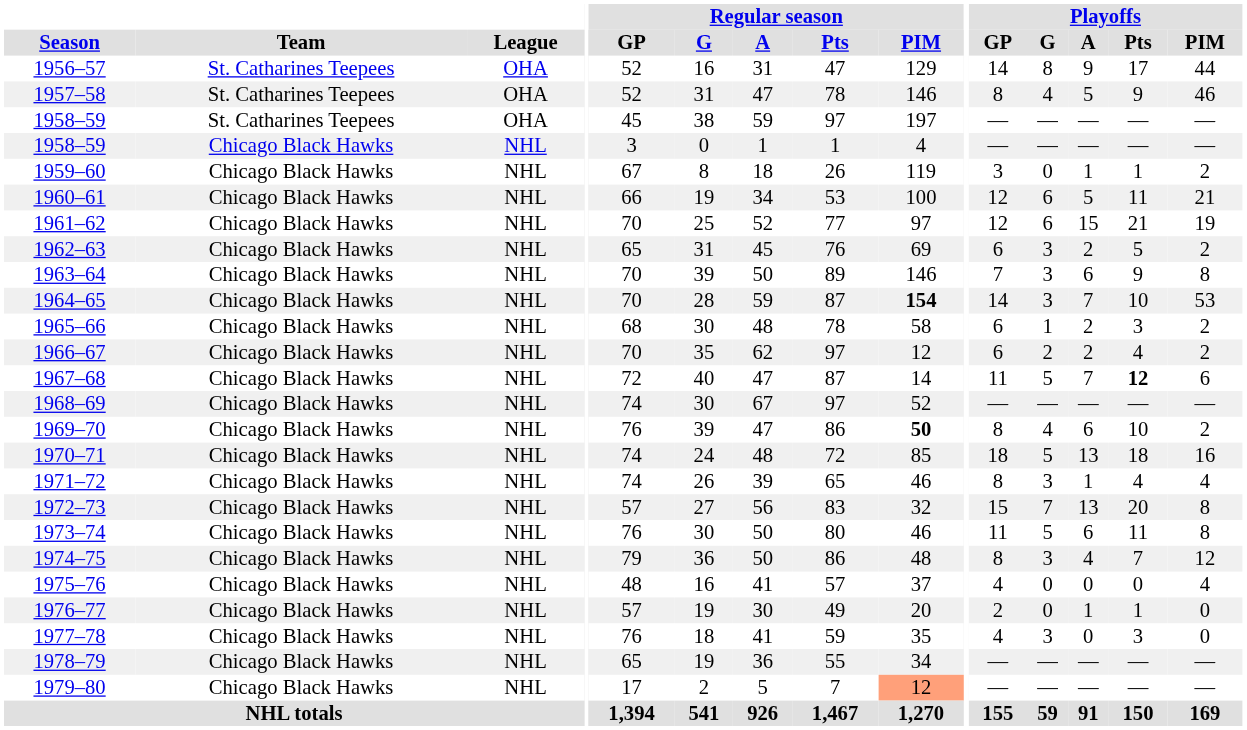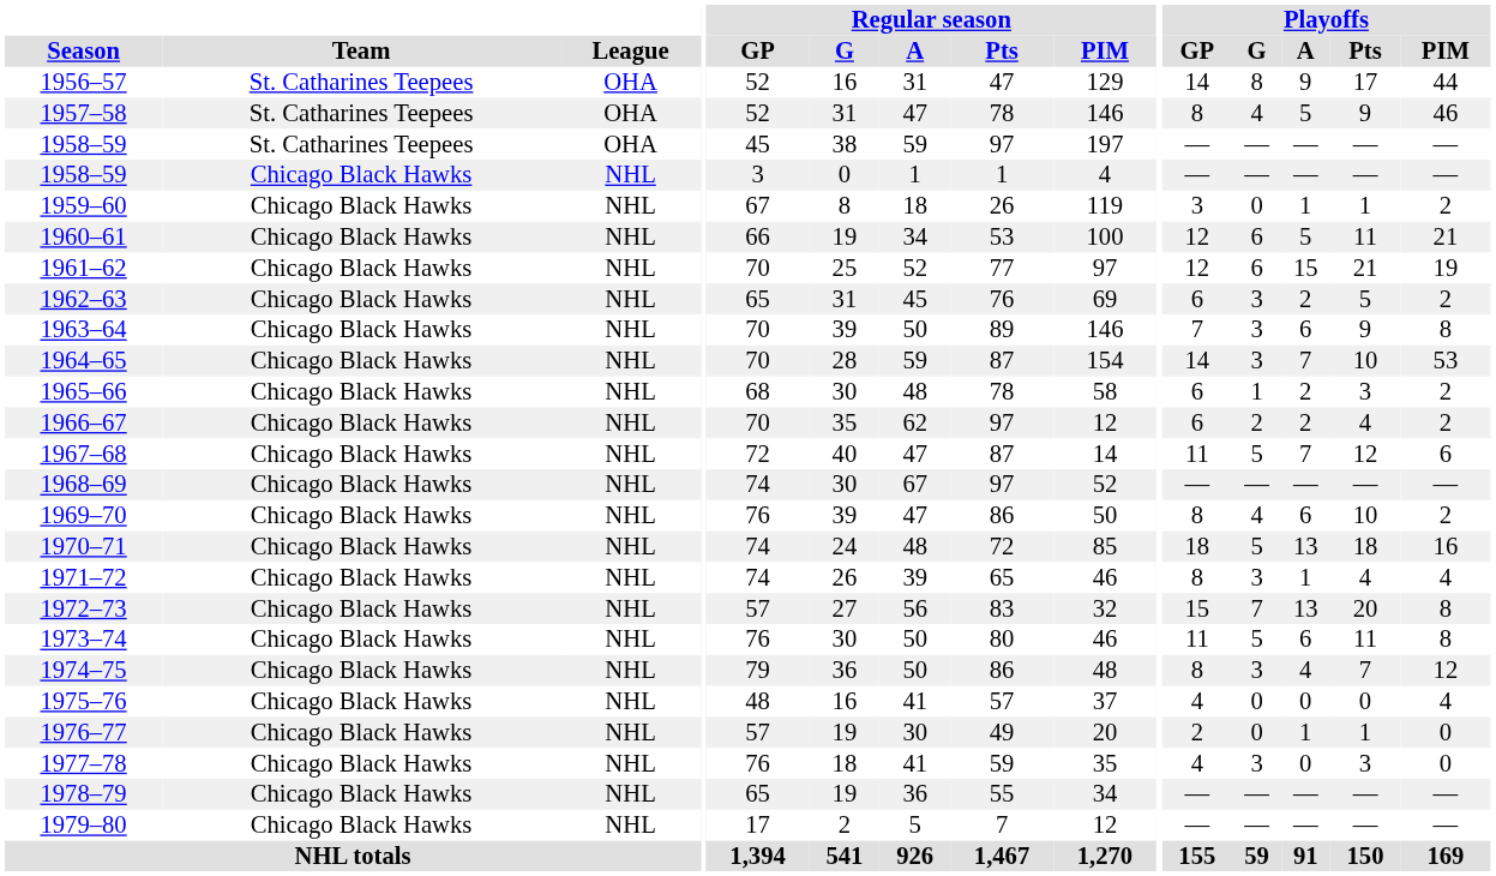 <table border="0" cellpadding="1" cellspacing="0" style="text-align:center; width:60em">
 <tr bgcolor="#e0e0e0">
 <th colspan="3" bgcolor="#ffffff"></th>
 <th rowspan="100" bgcolor="#ffffff"></th>
 <th colspan="5"><a href='#'>Regular season</a></th>
 <th rowspan="100" bgcolor="#ffffff"></th>
 <th colspan="5"><a href='#'>Playoffs</a></th>
 </tr>
 <tr bgcolor="#e0e0e0">
 <th><a href='#'>Season</a></th>
 <th>Team</th>
 <th>League</th>
 <th>GP</th>
 <th><a href='#'>G</a></th>
 <th><a href='#'>A</a></th>
 <th><a href='#'>Pts</a></th>
 <th><a href='#'>PIM</a></th>
 <th>GP</th>
 <th>G</th>
 <th>A</th>
 <th>Pts</th>
 <th>PIM</th>
 </tr>
 <tr>
 <td><a href='#'>1956–57</a></td>
 <td><a href='#'>St. Catharines Teepees</a></td>
 <td><a href='#'>OHA</a></td>
 <td>52</td>
 <td>16</td>
 <td>31</td>
 <td>47</td>
 <td>129</td>
 <td>14</td>
 <td>8</td>
 <td>9</td>
 <td>17</td>
 <td>44</td>
 </tr>
 <tr bgcolor="#f0f0f0">
 <td><a href='#'>1957–58</a></td>
 <td>St. Catharines Teepees</td>
 <td>OHA</td>
 <td>52</td>
 <td>31</td>
 <td>47</td>
 <td>78</td>
 <td>146</td>
 <td>8</td>
 <td>4</td>
 <td>5</td>
 <td>9</td>
 <td>46</td>
 </tr>
 <tr>
 <td><a href='#'>1958–59</a></td>
 <td>St. Catharines Teepees</td>
 <td>OHA</td>
 <td>45</td>
 <td>38</td>
 <td>59</td>
 <td>97</td>
 <td>197</td>
 <td>—</td>
 <td>—</td>
 <td>—</td>
 <td>—</td>
 <td>—</td>
 </tr>
 <tr bgcolor="#f0f0f0">
 <td><a href='#'>1958–59</a></td>
 <td><a href='#'>Chicago Black Hawks</a></td>
 <td><a href='#'>NHL</a></td>
 <td>3</td>
 <td>0</td>
 <td>1</td>
 <td>1</td>
 <td>4</td>
 <td>—</td>
 <td>—</td>
 <td>—</td>
 <td>—</td>
 <td>—</td>
 </tr>
 <tr>
 <td><a href='#'>1959–60</a></td>
 <td>Chicago Black Hawks</td>
 <td>NHL</td>
 <td>67</td>
 <td>8</td>
 <td>18</td>
 <td>26</td>
 <td>119</td>
 <td>3</td>
 <td>0</td>
 <td>1</td>
 <td>1</td>
 <td>2</td>
 </tr>
 <tr bgcolor="#f0f0f0">
 <td><a href='#'>1960–61</a></td>
 <td>Chicago Black Hawks</td>
 <td>NHL</td>
 <td>66</td>
 <td>19</td>
 <td>34</td>
 <td>53</td>
 <td>100</td>
 <td>12</td>
 <td>6</td>
 <td>5</td>
 <td>11</td>
 <td>21</td>
 </tr>
 <tr>
 <td><a href='#'>1961–62</a></td>
 <td>Chicago Black Hawks</td>
 <td>NHL</td>
 <td>70</td>
 <td>25</td>
 <td>52</td>
 <td>77</td>
 <td>97</td>
 <td>12</td>
 <td>6</td>
 <td>15</td>
 <td>21</td>
 <td>19</td>
 </tr>
 <tr bgcolor="#f0f0f0">
 <td><a href='#'>1962–63</a></td>
 <td>Chicago Black Hawks</td>
 <td>NHL</td>
 <td>65</td>
 <td>31</td>
 <td>45</td>
 <td>76</td>
 <td>69</td>
 <td>6</td>
 <td>3</td>
 <td>2</td>
 <td>5</td>
 <td>2</td>
 </tr>
 <tr>
 <td><a href='#'>1963–64</a></td>
 <td>Chicago Black Hawks</td>
 <td>NHL</td>
 <td>70</td>
 <td>39</td>
 <td>50</td>
 <td>89</td>
 <td>146</td>
 <td>7</td>
 <td>3</td>
 <td>6</td>
 <td>9</td>
 <td>8</td>
 </tr>
 <tr bgcolor="#f0f0f0">
 <td><a href='#'>1964–65</a></td>
 <td>Chicago Black Hawks</td>
 <td>NHL</td>
 <td>70</td>
 <td>28</td>
 <td>59</td>
 <td>87</td>
-<td><strong>154</strong></td>
+<td>154</td>
 <td>14</td>
 <td>3</td>
 <td>7</td>
 <td>10</td>
 <td>53</td>
 </tr>
 <tr>
 <td><a href='#'>1965–66</a></td>
 <td>Chicago Black Hawks</td>
 <td>NHL</td>
 <td>68</td>
 <td>30</td>
 <td>48</td>
 <td>78</td>
 <td>58</td>
 <td>6</td>
 <td>1</td>
 <td>2</td>
 <td>3</td>
 <td>2</td>
 </tr>
 <tr bgcolor="#f0f0f0">
 <td><a href='#'>1966–67</a></td>
 <td>Chicago Black Hawks</td>
 <td>NHL</td>
 <td>70</td>
 <td>35</td>
 <td>62</td>
 <td>97</td>
 <td>12</td>
 <td>6</td>
 <td>2</td>
 <td>2</td>
 <td>4</td>
 <td>2</td>
 </tr>
 <tr>
 <td><a href='#'>1967–68</a></td>
 <td>Chicago Black Hawks</td>
 <td>NHL</td>
 <td>72</td>
 <td>40</td>
 <td>47</td>
 <td>87</td>
 <td>14</td>
 <td>11</td>
 <td>5</td>
 <td>7</td>
-<td><strong>12</strong></td>
+<td>12</td>
 <td>6</td>
 </tr>
 <tr bgcolor="#f0f0f0">
 <td><a href='#'>1968–69</a></td>
 <td>Chicago Black Hawks</td>
 <td>NHL</td>
 <td>74</td>
 <td>30</td>
 <td>67</td>
 <td>97</td>
 <td>52</td>
 <td>—</td>
 <td>—</td>
 <td>—</td>
 <td>—</td>
 <td>—</td>
 </tr>
 <tr>
 <td><a href='#'>1969–70</a></td>
 <td>Chicago Black Hawks</td>
 <td>NHL</td>
 <td>76</td>
 <td>39</td>
 <td>47</td>
 <td>86</td>
-<td><strong>50</strong></td>
+<td>50</td>
 <td>8</td>
 <td>4</td>
 <td>6</td>
 <td>10</td>
 <td>2</td>
 </tr>
 <tr bgcolor="#f0f0f0">
 <td><a href='#'>1970–71</a></td>
 <td>Chicago Black Hawks</td>
 <td>NHL</td>
 <td>74</td>
 <td>24</td>
 <td>48</td>
 <td>72</td>
 <td>85</td>
 <td>18</td>
 <td>5</td>
 <td>13</td>
 <td>18</td>
 <td>16</td>
 </tr>
 <tr>
 <td><a href='#'>1971–72</a></td>
 <td>Chicago Black Hawks</td>
 <td>NHL</td>
 <td>74</td>
 <td>26</td>
 <td>39</td>
 <td>65</td>
 <td>46</td>
 <td>8</td>
 <td>3</td>
 <td>1</td>
 <td>4</td>
 <td>4</td>
 </tr>
 <tr bgcolor="#f0f0f0">
 <td><a href='#'>1972–73</a></td>
 <td>Chicago Black Hawks</td>
 <td>NHL</td>
 <td>57</td>
 <td>27</td>
 <td>56</td>
 <td>83</td>
 <td>32</td>
 <td>15</td>
 <td>7</td>
 <td>13</td>
 <td>20</td>
 <td>8</td>
 </tr>
 <tr>
 <td><a href='#'>1973–74</a></td>
 <td>Chicago Black Hawks</td>
 <td>NHL</td>
 <td>76</td>
 <td>30</td>
 <td>50</td>
 <td>80</td>
 <td>46</td>
 <td>11</td>
 <td>5</td>
 <td>6</td>
 <td>11</td>
 <td>8</td>
 </tr>
 <tr bgcolor="#f0f0f0">
 <td><a href='#'>1974–75</a></td>
 <td>Chicago Black Hawks</td>
 <td>NHL</td>
 <td>79</td>
 <td>36</td>
 <td>50</td>
 <td>86</td>
 <td>48</td>
 <td>8</td>
 <td>3</td>
 <td>4</td>
 <td>7</td>
 <td>12</td>
 </tr>
 <tr>
 <td><a href='#'>1975–76</a></td>
 <td>Chicago Black Hawks</td>
 <td>NHL</td>
 <td>48</td>
 <td>16</td>
 <td>41</td>
 <td>57</td>
 <td>37</td>
 <td>4</td>
 <td>0</td>
 <td>0</td>
 <td>0</td>
 <td>4</td>
 </tr>
 <tr bgcolor="#f0f0f0">
 <td><a href='#'>1976–77</a></td>
 <td>Chicago Black Hawks</td>
 <td>NHL</td>
 <td>57</td>
 <td>19</td>
 <td>30</td>
 <td>49</td>
 <td>20</td>
 <td>2</td>
 <td>0</td>
 <td>1</td>
 <td>1</td>
 <td>0</td>
 </tr>
 <tr>
 <td><a href='#'>1977–78</a></td>
 <td>Chicago Black Hawks</td>
 <td>NHL</td>
 <td>76</td>
 <td>18</td>
 <td>41</td>
 <td>59</td>
 <td>35</td>
 <td>4</td>
 <td>3</td>
 <td>0</td>
 <td>3</td>
 <td>0</td>
 </tr>
 <tr bgcolor="#f0f0f0">
 <td><a href='#'>1978–79</a></td>
 <td>Chicago Black Hawks</td>
 <td>NHL</td>
 <td>65</td>
 <td>19</td>
 <td>36</td>
 <td>55</td>
 <td>34</td>
 <td>—</td>
 <td>—</td>
 <td>—</td>
 <td>—</td>
 <td>—</td>
 </tr>
 <tr>
 <td><a href='#'>1979–80</a></td>
 <td>Chicago Black Hawks</td>
 <td>NHL</td>
 <td>17</td>
 <td>2</td>
 <td>5</td>
 <td>7</td>
-<td style="background: lightsalmon;">12</td>
+<td>12</td>
 <td>—</td>
 <td>—</td>
 <td>—</td>
 <td>—</td>
 <td>—</td>
 </tr>
 <tr bgcolor="#e0e0e0">
 <th colspan="3">NHL totals</th>
 <th>1,394</th>
 <th>541</th>
 <th>926</th>
 <th>1,467</th>
 <th>1,270</th>
 <th>155</th>
 <th>59</th>
 <th>91</th>
 <th>150</th>
 <th>169</th>
 </tr>
 </table>
